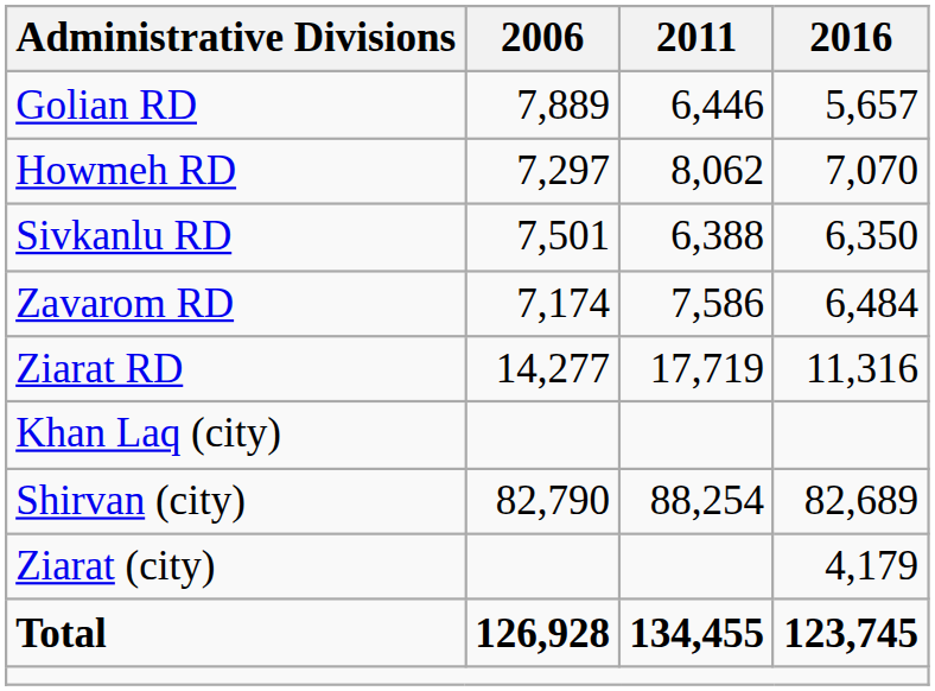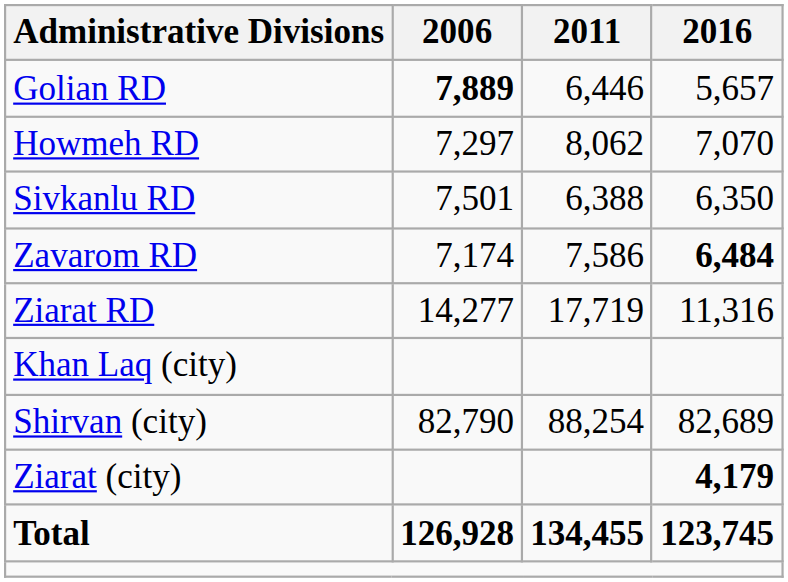 <table class="wikitable">
 <tr>
 <th>Administrative Divisions</th>
 <th>2006</th>
 <th>2011</th>
 <th>2016</th>
 </tr>
 <tr>
 <td><a href='#'>Golian RD</a></td>
-<td style="text-align: right;">7,889</td>
+<td style="text-align: right;"><strong>7,889</strong></td>
 <td style="text-align: right;">6,446</td>
 <td style="text-align: right;">5,657</td>
 </tr>
 <tr>
 <td><a href='#'>Howmeh RD</a></td>
 <td style="text-align: right;">7,297</td>
 <td style="text-align: right;">8,062</td>
 <td style="text-align: right;">7,070</td>
 </tr>
 <tr>
 <td><a href='#'>Sivkanlu RD</a></td>
 <td style="text-align: right;">7,501</td>
 <td style="text-align: right;">6,388</td>
 <td style="text-align: right;">6,350</td>
 </tr>
 <tr>
 <td><a href='#'>Zavarom RD</a></td>
 <td style="text-align: right;">7,174</td>
 <td style="text-align: right;">7,586</td>
-<td style="text-align: right;">6,484</td>
+<td style="text-align: right;"><strong>6,484</strong></td>
 </tr>
 <tr>
 <td><a href='#'>Ziarat RD</a></td>
 <td style="text-align: right;">14,277</td>
 <td style="text-align: right;">17,719</td>
 <td style="text-align: right;">11,316</td>
 </tr>
 <tr>
 <td><a href='#'>Khan Laq</a> (city)</td>
 <td style="text-align: right;"></td>
 <td style="text-align: right;"></td>
 <td style="text-align: right;"></td>
 </tr>
 <tr>
 <td><a href='#'>Shirvan</a> (city)</td>
 <td style="text-align: right;">82,790</td>
 <td style="text-align: right;">88,254</td>
 <td style="text-align: right;">82,689</td>
 </tr>
 <tr>
 <td><a href='#'>Ziarat</a> (city)</td>
 <td style="text-align: right;"></td>
 <td style="text-align: right;"></td>
-<td style="text-align: right;">4,179</td>
+<td style="text-align: right;"><strong>4,179</strong></td>
 </tr>
 <tr>
 <td><strong>Total</strong></td>
 <td style="text-align: right;"><strong>126,928</strong></td>
 <td style="text-align: right;"><strong>134,455</strong></td>
 <td style="text-align: right;"><strong>123,745</strong></td>
 </tr>
 <tr>
 <td colspan=4></td>
 </tr>
 </table>
